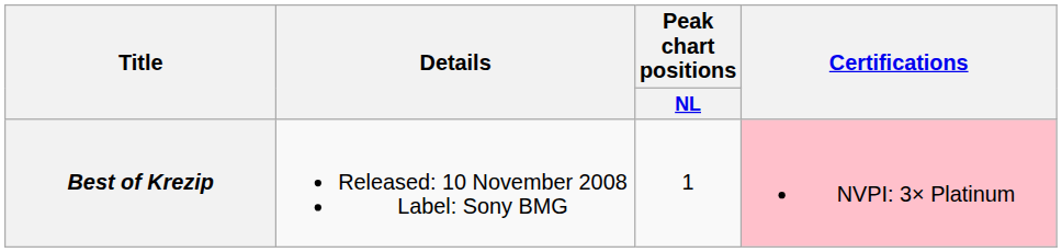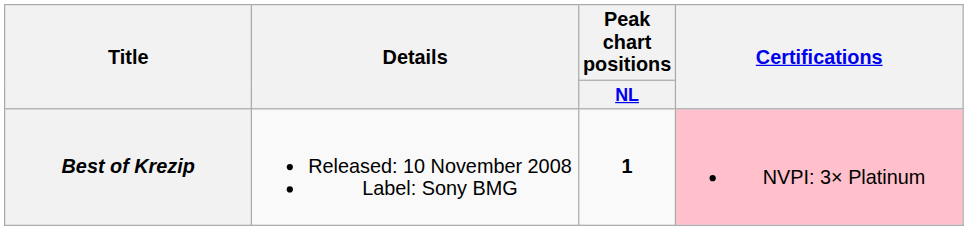 <table class="wikitable plainrowheaders" style="text-align:center;" border="1">
 <tr>
 <th scope="col" rowspan="2" style="width:12em;">Title</th>
 <th scope="col" rowspan="2" style="width:16em;">Details</th>
 <th scope="col" colspan="1">Peak chart positions</th>
 <th scope="col" rowspan="2" style="width:14em;"><a href='#'>Certifications</a></th>
 </tr>
 <tr>
 <th scope="col" style="width:3em;font-size:90%;"><a href='#'>NL</a><br></th>
 </tr>
 <tr>
 <th scope="row"><em>Best of Krezip</em></th>
 <td><br><ul><li>Released: 10 November 2008</li><li>Label: Sony BMG</li></ul></td>
-<td>1</td>
+<td><strong>1</strong></td>
 <td style="background: pink;"><br><ul><li>NVPI: 3× Platinum</li></ul></td>
 </tr>
 </table>
